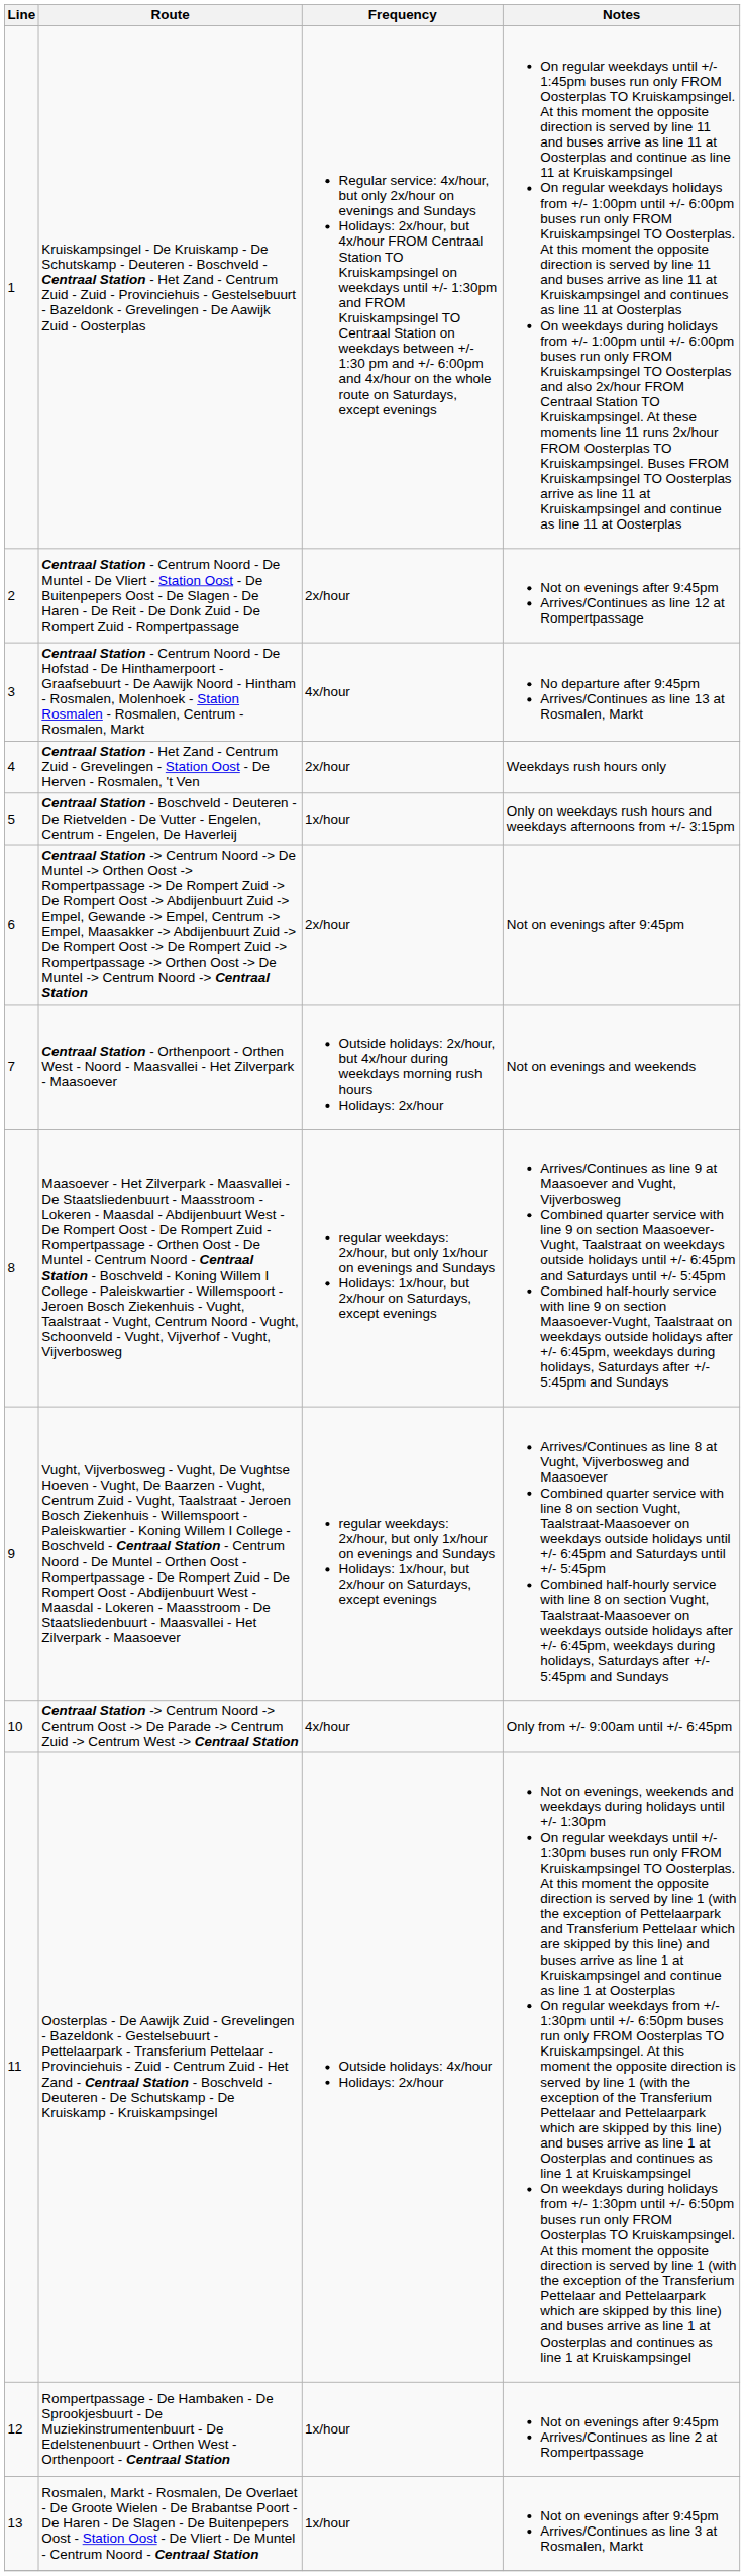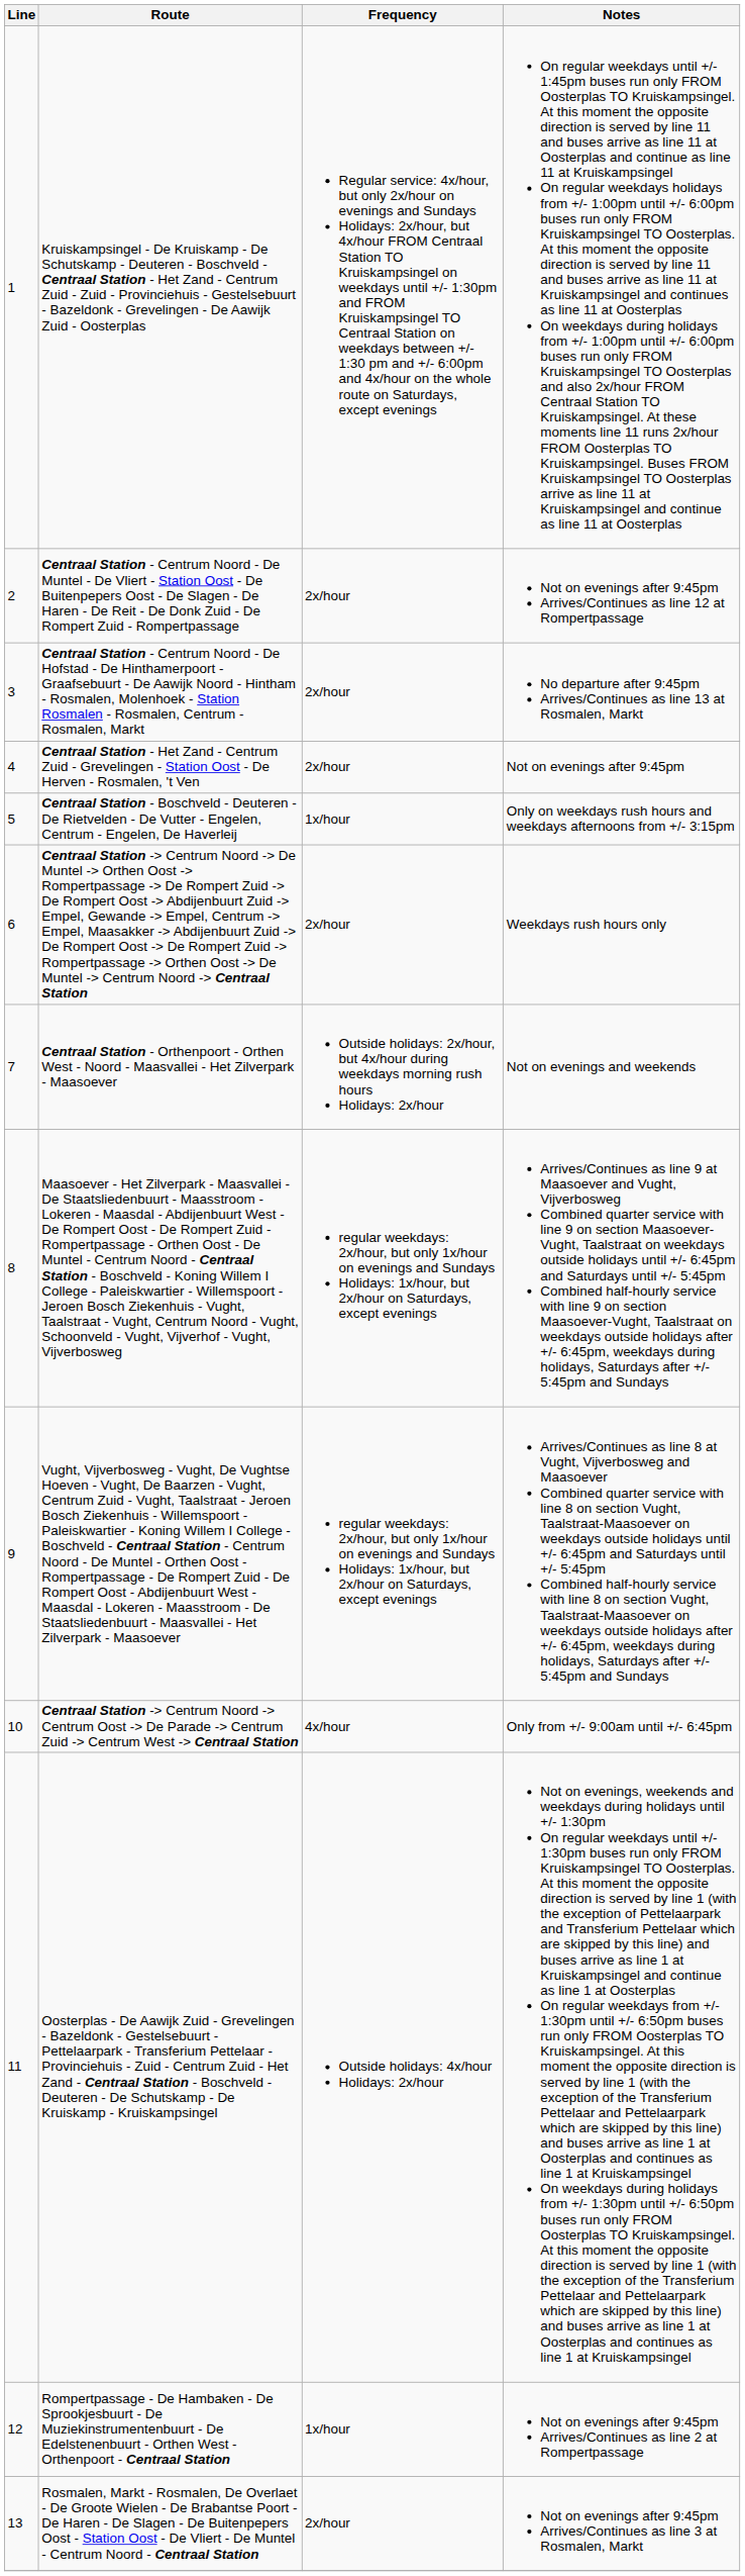 <table class="wikitable vatop">
 <tr>
 <th>Line</th>
 <th>Route</th>
 <th>Frequency</th>
 <th>Notes</th>
 </tr>
 <tr>
 <td>1</td>
 <td>Kruiskampsingel - De Kruiskamp - De Schutskamp - Deuteren - Boschveld - <strong><em>Centraal Station</em></strong> - Het Zand - Centrum Zuid - Zuid - Provinciehuis - Gestelsebuurt - Bazeldonk - Grevelingen - De Aawijk Zuid - Oosterplas</td>
 <td><br><ul><li>Regular service: 4x/hour, but only 2x/hour on evenings and Sundays</li><li>Holidays: 2x/hour, but 4x/hour FROM Centraal Station TO Kruiskampsingel on weekdays until +/- 1:30pm and FROM Kruiskampsingel TO Centraal Station on weekdays between +/- 1:30 pm and +/- 6:00pm and 4x/hour on the whole route on Saturdays, except evenings</li></ul></td>
 <td><br><ul><li>On regular weekdays until +/- 1:45pm buses run only FROM Oosterplas TO Kruiskampsingel. At this moment the opposite direction is served by line 11 and buses arrive as line 11 at Oosterplas and continue as line 11 at Kruiskampsingel</li><li>On regular weekdays holidays from +/- 1:00pm until +/- 6:00pm buses run only FROM Kruiskampsingel TO Oosterplas. At this moment the opposite direction is served by line 11 and buses arrive as line 11 at Kruiskampsingel and continues as line 11 at Oosterplas</li><li>On weekdays during holidays from +/- 1:00pm until +/- 6:00pm buses run only FROM Kruiskampsingel TO Oosterplas and also 2x/hour FROM Centraal Station TO Kruiskampsingel. At these moments line 11 runs 2x/hour FROM Oosterplas TO Kruiskampsingel. Buses FROM Kruiskampsingel TO Oosterplas arrive as line 11 at Kruiskampsingel and continue as line 11 at Oosterplas</li></ul></td>
 </tr>
 <tr>
 <td>2</td>
 <td><strong><em>Centraal Station</em></strong> - Centrum Noord - De Muntel - De Vliert - <a href='#'>Station Oost</a> - De Buitenpepers Oost - De Slagen - De Haren - De Reit - De Donk Zuid - De Rompert Zuid - Rompertpassage</td>
 <td>2x/hour</td>
 <td><br><ul><li>Not on evenings after 9:45pm</li><li>Arrives/Continues as line 12 at Rompertpassage</li></ul></td>
 </tr>
 <tr>
 <td>3</td>
 <td><strong><em>Centraal Station</em></strong> - Centrum Noord - De Hofstad - De Hinthamerpoort - Graafsebuurt - De Aawijk Noord - Hintham - Rosmalen, Molenhoek - <a href='#'>Station Rosmalen</a> - Rosmalen, Centrum - Rosmalen, Markt</td>
-<td>4x/hour</td>
+<td>2x/hour</td>
 <td><br><ul><li>No departure after 9:45pm</li><li>Arrives/Continues as line 13 at Rosmalen, Markt</li></ul></td>
 </tr>
 <tr>
 <td>4</td>
 <td><strong><em>Centraal Station</em></strong> - Het Zand - Centrum Zuid - Grevelingen - <a href='#'>Station Oost</a> - De Herven - Rosmalen, 't Ven</td>
 <td>2x/hour</td>
-<td>Weekdays rush hours only</td>
+<td>Not on evenings after 9:45pm</td>
 </tr>
 <tr>
 <td>5</td>
 <td><strong><em>Centraal Station</em></strong> - Boschveld - Deuteren - De Rietvelden - De Vutter - Engelen, Centrum - Engelen, De Haverleij</td>
 <td>1x/hour</td>
 <td>Only on weekdays rush hours and weekdays afternoons from +/- 3:15pm</td>
 </tr>
 <tr>
 <td>6</td>
 <td><strong><em>Centraal Station</em></strong> -> Centrum Noord -> De Muntel -> Orthen Oost -> Rompertpassage -> De Rompert Zuid -> De Rompert Oost -> Abdijenbuurt Zuid -> Empel, Gewande -> Empel, Centrum -> Empel, Maasakker -> Abdijenbuurt Zuid -> De Rompert Oost -> De Rompert Zuid -> Rompertpassage -> Orthen Oost -> De Muntel -> Centrum Noord -> <strong><em>Centraal Station</em></strong></td>
 <td>2x/hour</td>
-<td>Not on evenings after 9:45pm</td>
+<td>Weekdays rush hours only</td>
 </tr>
 <tr>
 <td>7</td>
 <td><strong><em>Centraal Station</em></strong> - Orthenpoort - Orthen West - Noord - Maasvallei - Het Zilverpark - Maasoever</td>
 <td><br><ul><li>Outside holidays: 2x/hour, but 4x/hour during weekdays morning rush hours</li><li>Holidays: 2x/hour</li></ul></td>
 <td>Not on evenings and weekends</td>
 </tr>
 <tr>
 <td>8</td>
 <td>Maasoever - Het Zilverpark - Maasvallei - De Staatsliedenbuurt - Maasstroom - Lokeren - Maasdal - Abdijenbuurt West - De Rompert Oost - De Rompert Zuid - Rompertpassage - Orthen Oost - De Muntel - Centrum Noord - <strong><em>Centraal Station</em></strong> - Boschveld - Koning Willem I College - Paleiskwartier - Willemspoort - Jeroen Bosch Ziekenhuis - Vught, Taalstraat - Vught, Centrum Noord - Vught, Schoonveld - Vught, Vijverhof - Vught, Vijverbosweg</td>
 <td><br><ul><li>regular weekdays: 2x/hour, but only 1x/hour on evenings and Sundays</li><li>Holidays: 1x/hour, but 2x/hour on Saturdays, except evenings</li></ul></td>
 <td><br><ul><li>Arrives/Continues as line 9 at Maasoever and Vught, Vijverbosweg</li><li>Combined quarter service with line 9 on section Maasoever-Vught, Taalstraat on weekdays outside holidays until +/- 6:45pm and Saturdays until +/- 5:45pm</li><li>Combined half-hourly service with line 9 on section Maasoever-Vught, Taalstraat on weekdays outside holidays after +/- 6:45pm, weekdays during holidays, Saturdays after +/- 5:45pm and Sundays</li></ul></td>
 </tr>
 <tr>
 <td>9</td>
 <td>Vught, Vijverbosweg - Vught, De Vughtse Hoeven - Vught, De Baarzen - Vught, Centrum Zuid - Vught, Taalstraat - Jeroen Bosch Ziekenhuis - Willemspoort - Paleiskwartier - Koning Willem I College - Boschveld - <strong><em>Centraal Station</em></strong> - Centrum Noord - De Muntel - Orthen Oost - Rompertpassage - De Rompert Zuid - De Rompert Oost - Abdijenbuurt West - Maasdal - Lokeren - Maasstroom - De Staatsliedenbuurt -  Maasvallei - Het Zilverpark - Maasoever</td>
 <td><br><ul><li>regular weekdays: 2x/hour, but only 1x/hour on evenings and Sundays</li><li>Holidays: 1x/hour, but 2x/hour on Saturdays, except evenings</li></ul></td>
 <td><br><ul><li>Arrives/Continues as line 8 at Vught, Vijverbosweg and Maasoever</li><li>Combined quarter service with line 8 on section Vught, Taalstraat-Maasoever on weekdays outside holidays until +/- 6:45pm and Saturdays until +/- 5:45pm</li><li>Combined half-hourly service with line 8 on section Vught, Taalstraat-Maasoever on weekdays outside holidays after +/- 6:45pm, weekdays during holidays, Saturdays after +/- 5:45pm and Sundays</li></ul></td>
 </tr>
 <tr>
 <td>10</td>
 <td><strong><em>Centraal Station</em></strong> -> Centrum Noord -> Centrum Oost -> De Parade -> Centrum Zuid -> Centrum West -> <strong><em>Centraal Station</em></strong></td>
 <td>4x/hour</td>
 <td>Only from +/- 9:00am until +/- 6:45pm</td>
 </tr>
 <tr>
 <td>11</td>
 <td>Oosterplas - De Aawijk Zuid - Grevelingen - Bazeldonk - Gestelsebuurt - Pettelaarpark - Transferium Pettelaar - Provinciehuis - Zuid - Centrum Zuid - Het Zand - <strong><em>Centraal Station</em></strong> - Boschveld - Deuteren - De Schutskamp - De Kruiskamp - Kruiskampsingel</td>
 <td><br><ul><li>Outside holidays: 4x/hour</li><li>Holidays: 2x/hour</li></ul></td>
 <td><br><ul><li>Not on evenings, weekends and weekdays during holidays until +/- 1:30pm</li><li>On regular weekdays until +/- 1:30pm buses run only FROM Kruiskampsingel TO Oosterplas. At this moment the opposite direction is served by line 1 (with the exception of Pettelaarpark and Transferium Pettelaar which are skipped by this line) and buses arrive as line 1 at Kruiskampsingel and continue as line 1 at Oosterplas</li><li>On regular weekdays from +/- 1:30pm until +/- 6:50pm buses run only FROM Oosterplas TO Kruiskampsingel. At this moment the opposite direction is served by line 1 (with the exception of the Transferium Pettelaar and Pettelaarpark which are skipped by this line) and buses arrive as line 1 at Oosterplas and continues as line 1 at Kruiskampsingel</li><li>On weekdays during holidays from +/- 1:30pm until +/- 6:50pm buses run only FROM Oosterplas TO Kruiskampsingel. At this moment the opposite direction is served by line 1 (with the exception of the Transferium Pettelaar and Pettelaarpark which are skipped by this line) and buses arrive as line 1 at Oosterplas and continues as line 1 at Kruiskampsingel</li></ul></td>
 </tr>
 <tr>
 <td>12</td>
 <td>Rompertpassage - De Hambaken - De Sprookjesbuurt - De Muziekinstrumentenbuurt - De Edelstenenbuurt - Orthen West - Orthenpoort - <strong><em>Centraal Station</em></strong></td>
 <td>1x/hour</td>
 <td><br><ul><li>Not on evenings after 9:45pm</li><li>Arrives/Continues as line 2 at Rompertpassage</li></ul></td>
 </tr>
 <tr>
 <td>13</td>
 <td>Rosmalen, Markt - Rosmalen, De Overlaet - De Groote Wielen - De Brabantse Poort - De Haren - De Slagen - De Buitenpepers Oost - <a href='#'>Station Oost</a> - De Vliert - De Muntel - Centrum Noord - <strong><em>Centraal Station</em></strong></td>
-<td>1x/hour</td>
+<td>2x/hour</td>
 <td><br><ul><li>Not on evenings after 9:45pm</li><li>Arrives/Continues as line 3 at Rosmalen, Markt</li></ul></td>
 </tr>
 <tr>
 </tr>
 </table>
